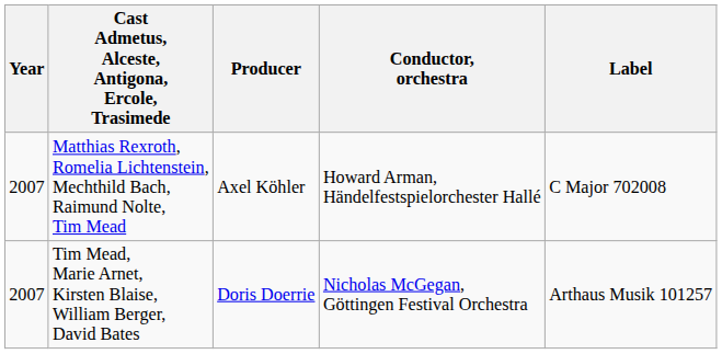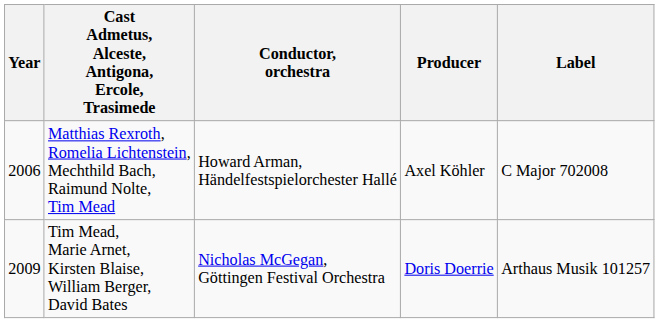 <table class="wikitable">
 <tr>
 <th>Year</th>
 <th>Cast<br>Admetus,<br>Alceste,<br>Antigona,<br>Ercole,<br> Trasimede</th>
+<th>Conductor,<br>orchestra<br></th>
 <th>Producer</th>
-<th>Conductor,<br>orchestra<br></th>
 <th>Label</th>
 </tr>
 <tr>
-<td>2007</td>
+<td>2006</td>
 <td><a href='#'>Matthias Rexroth</a>,<br><a href='#'>Romelia Lichtenstein</a>,<br>Mechthild Bach,<br>Raimund Nolte,<br><a href='#'>Tim Mead</a></td>
+<td>Howard Arman,<br>Händelfestspielorchester Hallé</td>
 <td>Axel Köhler</td>
-<td>Howard Arman,<br>Händelfestspielorchester Hallé</td>
 <td>C Major 702008</td>
 </tr>
 <tr>
-<td>2007</td>
+<td>2009</td>
 <td>Tim Mead,<br>Marie Arnet,<br>Kirsten Blaise,<br>William Berger,<br>David Bates</td>
+<td><a href='#'>Nicholas McGegan</a>,<br>Göttingen Festival Orchestra</td>
 <td><a href='#'>Doris Doerrie</a></td>
-<td><a href='#'>Nicholas McGegan</a>,<br>Göttingen Festival Orchestra</td>
 <td>Arthaus Musik 101257</td>
 </tr>
 </table>
